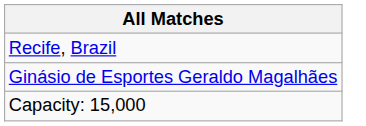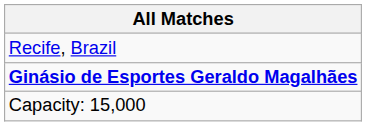 <table class="wikitable">
 <tr>
 <th>All Matches</th>
 </tr>
 <tr>
 <td> <a href='#'>Recife</a>, <a href='#'>Brazil</a></td>
 </tr>
 <tr>
-<td><a href='#'>Ginásio de Esportes Geraldo Magalhães</a></td>
+<td><strong><a href='#'>Ginásio de Esportes Geraldo Magalhães</a></strong></td>
 </tr>
 <tr>
 <td>Capacity: 15,000</td>
 </tr>
 </table>
